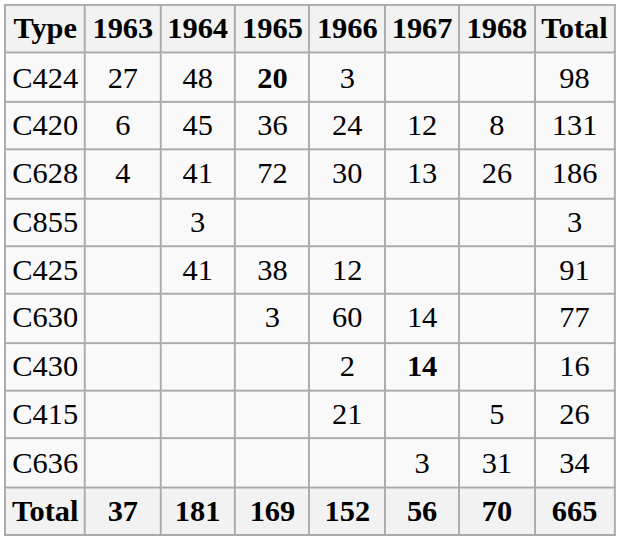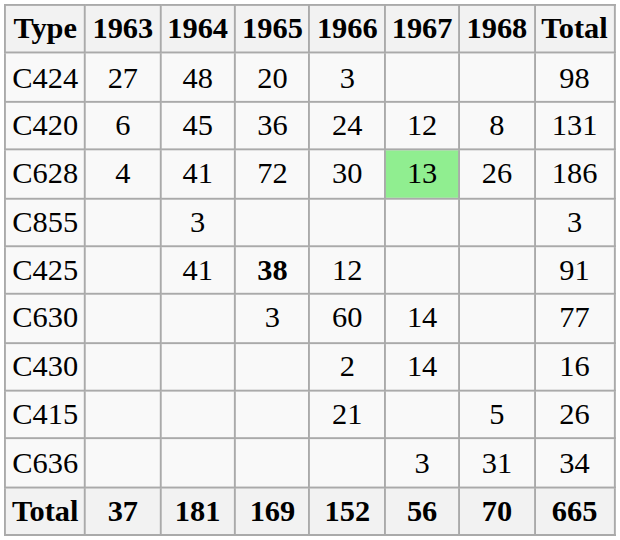 <table class="wikitable" style="text-align:center;">
 <tr>
 <th>Type</th>
 <th>1963</th>
 <th>1964</th>
 <th>1965</th>
 <th>1966</th>
 <th>1967</th>
 <th>1968</th>
 <th>Total</th>
 </tr>
 <tr>
 <td>C424</td>
 <td>27</td>
 <td>48</td>
-<td><strong>20</strong></td>
+<td>20</td>
 <td>3</td>
 <td></td>
 <td></td>
 <td>98</td>
 </tr>
 <tr>
 <td>C420</td>
 <td>6</td>
 <td>45</td>
 <td>36</td>
 <td>24</td>
 <td>12</td>
 <td>8</td>
 <td>131</td>
 </tr>
 <tr>
 <td>C628</td>
 <td>4</td>
 <td>41</td>
 <td>72</td>
 <td>30</td>
-<td>13</td>
+<td style="background: lightgreen;">13</td>
 <td>26</td>
 <td>186</td>
 </tr>
 <tr>
 <td>C855</td>
 <td></td>
 <td>3</td>
 <td></td>
 <td></td>
 <td></td>
 <td></td>
 <td>3</td>
 </tr>
 <tr>
 <td>C425</td>
 <td></td>
 <td>41</td>
-<td>38</td>
+<td><strong>38</strong></td>
 <td>12</td>
 <td></td>
 <td></td>
 <td>91</td>
 </tr>
 <tr>
 <td>C630</td>
 <td></td>
 <td></td>
 <td>3</td>
 <td>60</td>
 <td>14</td>
 <td></td>
 <td>77</td>
 </tr>
 <tr>
 <td>C430</td>
 <td></td>
 <td></td>
 <td></td>
 <td>2</td>
-<td><strong>14</strong></td>
+<td>14</td>
 <td></td>
 <td>16</td>
 </tr>
 <tr>
 <td>C415</td>
 <td></td>
 <td></td>
 <td></td>
 <td>21</td>
 <td></td>
 <td>5</td>
 <td>26</td>
 </tr>
 <tr>
 <td>C636</td>
 <td></td>
 <td></td>
 <td></td>
 <td></td>
 <td>3</td>
 <td>31</td>
 <td>34</td>
 </tr>
 <tr>
 <th>Total</th>
 <th>37</th>
 <th>181</th>
 <th>169</th>
 <th>152</th>
 <th>56</th>
 <th>70</th>
 <th>665</th>
 </tr>
 <tr>
 </tr>
 </table>
